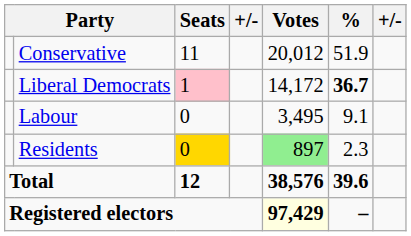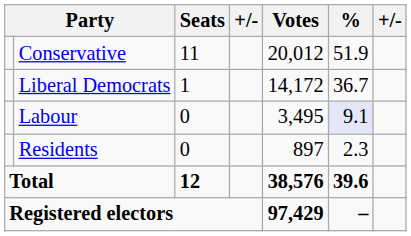 <table class="wikitable sortable">
 <tr>
 <th colspan="2">Party</th>
 <th>Seats</th>
 <th>+/-</th>
 <th>Votes</th>
 <th>%</th>
 <th>+/-</th>
 </tr>
 <tr>
 <td style="background-color: "></td>
 <td><a href='#'>Conservative</a></td>
 <td>11</td>
 <td></td>
 <td style="text-align:right;">20,012</td>
 <td style="text-align:right;">51.9</td>
 <td style="text-align:right;"></td>
 </tr>
 <tr>
 <td style="background-color: "></td>
 <td><a href='#'>Liberal Democrats</a></td>
-<td style="background: pink;">1</td>
+<td>1</td>
 <td></td>
 <td style="text-align:right;">14,172</td>
-<td style="text-align:right;"><strong>36.7</strong></td>
+<td style="text-align:right;">36.7</td>
 <td style="text-align:right;"></td>
 </tr>
 <tr>
 <td style="background-color: "></td>
 <td><a href='#'>Labour</a></td>
 <td>0</td>
 <td></td>
 <td style="text-align:right;">3,495</td>
-<td style="text-align:right;">9.1</td>
+<td style="background: lavender; text-align:right;">9.1</td>
 <td style="text-align:right;"></td>
 </tr>
 <tr>
 <td style="background-color: "></td>
 <td><a href='#'>Residents</a></td>
-<td style="background: gold;">0</td>
+<td>0</td>
 <td></td>
-<td style="background: lightgreen; text-align:right;">897</td>
+<td style="text-align:right;">897</td>
 <td style="text-align:right;">2.3</td>
 <td style="text-align:right;"></td>
 </tr>
 <tr>
 <td colspan="2"><strong>Total</strong></td>
 <td><strong>12</strong></td>
 <td></td>
 <td style="text-align:right;"><strong>38,576</strong></td>
 <td style="text-align:right;"><strong>39.6</strong></td>
 <td style="text-align:right;"></td>
 </tr>
 <tr>
 <td colspan="4"><strong>Registered electors</strong></td>
-<td style="background: lightyellow; text-align:right;"><strong>97,429</strong></td>
+<td style="text-align:right;"><strong>97,429</strong></td>
 <td style="text-align:right;"><strong>–</strong></td>
 <td style="text-align:right;"></td>
 </tr>
 </table>
